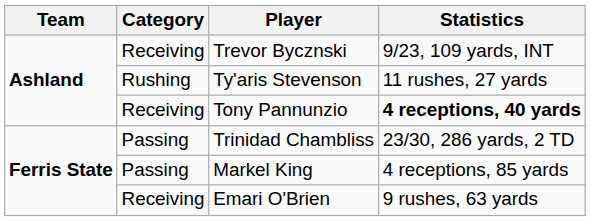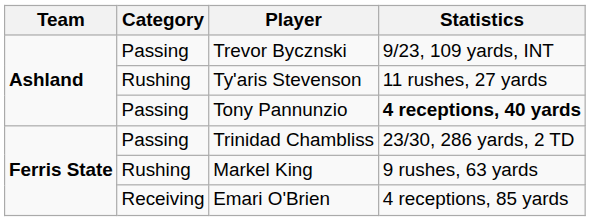 <table class="wikitable" style="float: left;">
 <tr>
 <th>Team</th>
 <th>Category</th>
 <th>Player</th>
 <th>Statistics</th>
 </tr>
 <tr>
 <td rowspan=3><strong>Ashland</strong></td>
-<td>Receiving</td>
+<td>Passing</td>
 <td>Trevor Bycznski</td>
 <td>9/23, 109 yards, INT</td>
 </tr>
 <tr>
 <td>Rushing</td>
 <td>Ty'aris Stevenson</td>
 <td>11 rushes, 27 yards</td>
 </tr>
 <tr>
-<td>Receiving</td>
+<td>Passing</td>
 <td>Tony Pannunzio</td>
 <td><strong>4 receptions, 40 yards</strong></td>
 </tr>
 <tr>
 <td rowspan=3><strong>Ferris State</strong></td>
 <td>Passing</td>
 <td>Trinidad Chambliss</td>
 <td>23/30, 286 yards, 2 TD</td>
 </tr>
 <tr>
-<td>Passing</td>
+<td>Rushing</td>
 <td>Markel King</td>
-<td>4 receptions, 85 yards</td>
+<td>9 rushes, 63 yards</td>
 </tr>
 <tr>
 <td>Receiving</td>
 <td>Emari O'Brien</td>
-<td>9 rushes, 63 yards</td>
+<td>4 receptions, 85 yards</td>
 </tr>
 </table>
